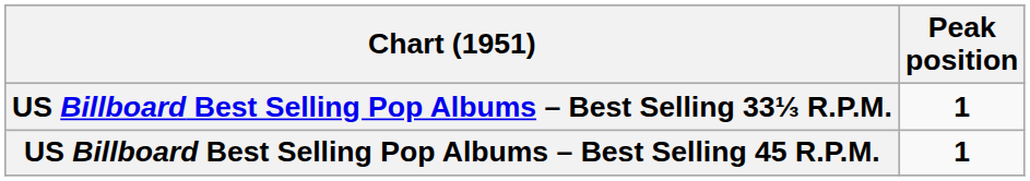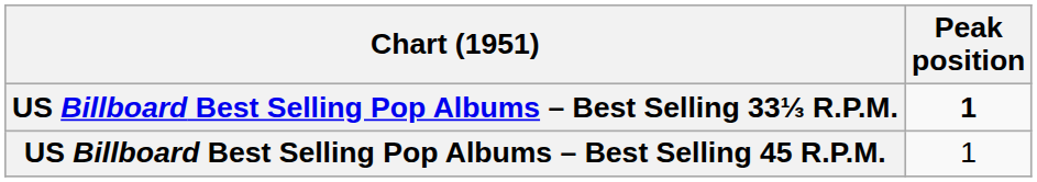 <table class="wikitable plainrowheaders" style="text-align:center">
 <tr>
 <th scope="col">Chart (1951)</th>
 <th scope="col">Peak<br>position</th>
 </tr>
 <tr>
 <th scope="row" align="left">US <a href='#'><em>Billboard</em> Best Selling Pop Albums</a> – Best Selling 33⅓ R.P.M.</th>
 <td><strong>1</strong></td>
 </tr>
 <tr>
 <th scope="row" align="left">US <em>Billboard</em> Best Selling Pop Albums – Best Selling 45 R.P.M.</th>
-<td><strong>1</strong></td>
+<td>1</td>
 </tr>
 </table>
